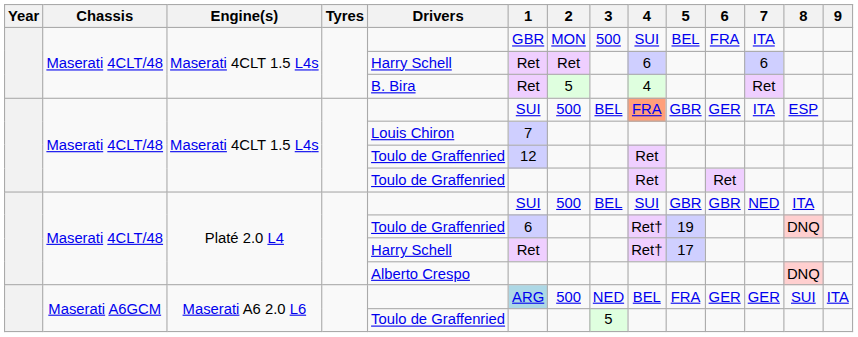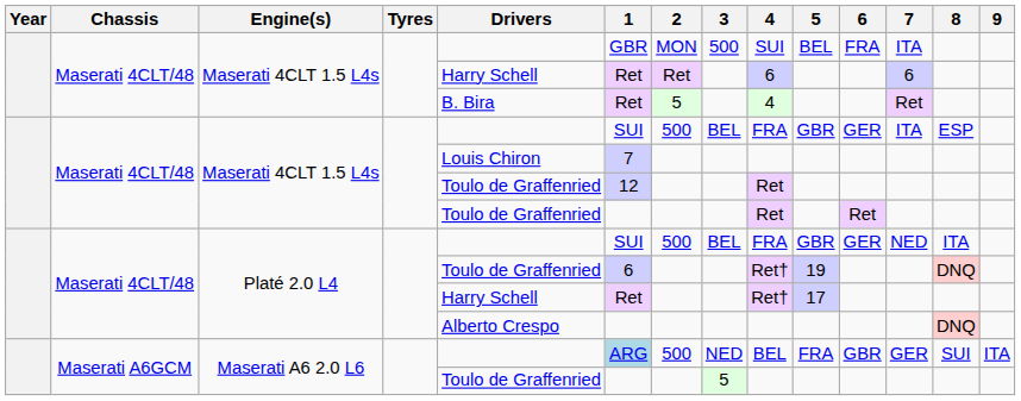 <table class="wikitable" style="text-align:center; font-size:85%">
 <tr>
 <th>Year</th>
 <th>Chassis</th>
 <th>Engine(s)</th>
 <th>Tyres</th>
 <th>Drivers</th>
 <th>1</th>
 <th>2</th>
 <th>3</th>
 <th>4</th>
 <th>5</th>
 <th>6</th>
 <th>7</th>
 <th>8</th>
 <th>9</th>
 </tr>
 <tr>
 <th rowspan="3"></th>
 <td rowspan="3"><a href='#'>Maserati</a> <a href='#'>4CLT/48</a></td>
 <td rowspan="3"><a href='#'>Maserati</a> 4CLT 1.5 <a href='#'>L4</a><a href='#'>s</a></td>
 <td rowspan="3"></td>
 <td></td>
 <td><a href='#'>GBR</a></td>
 <td><a href='#'>MON</a></td>
 <td><a href='#'>500</a></td>
 <td><a href='#'>SUI</a></td>
 <td><a href='#'>BEL</a></td>
 <td><a href='#'>FRA</a></td>
 <td><a href='#'>ITA</a></td>
 <td></td>
 <td></td>
 </tr>
 <tr>
 <td align="left"> <a href='#'>Harry Schell</a></td>
 <td style="background:#EFCFFF;">Ret</td>
 <td style="background:#EFCFFF;">Ret</td>
 <td></td>
 <td style="background:#CFCFFF;">6</td>
 <td></td>
 <td></td>
 <td style="background:#CFCFFF;">6</td>
 <td></td>
 <td></td>
 </tr>
 <tr>
 <td align="left"> <a href='#'>B. Bira</a></td>
 <td style="background:#EFCFFF;">Ret</td>
 <td style="background:#DFFFDF;">5</td>
 <td></td>
 <td style="background:#DFFFDF;">4</td>
 <td></td>
 <td></td>
 <td style="background:#EFCFFF;">Ret</td>
 <td></td>
 <td></td>
 </tr>
 <tr>
 <th rowspan="4"></th>
 <td rowspan="4"><a href='#'>Maserati</a> <a href='#'>4CLT/48</a></td>
 <td rowspan="4"><a href='#'>Maserati</a> 4CLT 1.5 <a href='#'>L4</a><a href='#'>s</a></td>
 <td rowspan="4"></td>
 <td></td>
 <td><a href='#'>SUI</a></td>
 <td><a href='#'>500</a></td>
 <td><a href='#'>BEL</a></td>
-<td style="background: lightsalmon;"><a href='#'>FRA</a></td>
+<td><a href='#'>FRA</a></td>
 <td><a href='#'>GBR</a></td>
 <td><a href='#'>GER</a></td>
 <td><a href='#'>ITA</a></td>
 <td><a href='#'>ESP</a></td>
 <td></td>
 </tr>
 <tr>
 <td align="left"> <a href='#'>Louis Chiron</a></td>
 <td style="background:#CFCFFF;">7</td>
 <td></td>
 <td></td>
 <td></td>
 <td></td>
 <td></td>
 <td></td>
 <td></td>
 <td></td>
 </tr>
 <tr>
 <td align="left"> <a href='#'>Toulo de Graffenried</a></td>
 <td style="background:#CFCFFF;">12</td>
 <td></td>
 <td></td>
 <td style="background:#EFCFFF;">Ret</td>
 <td></td>
 <td></td>
 <td></td>
 <td></td>
 <td></td>
 </tr>
 <tr>
 <td align="left"> <a href='#'>Toulo de Graffenried</a></td>
 <td></td>
 <td></td>
 <td></td>
 <td style="background:#EFCFFF;">Ret</td>
 <td></td>
 <td style="background:#EFCFFF;">Ret</td>
 <td></td>
 <td></td>
 <td></td>
 </tr>
 <tr>
 <th rowspan="4"></th>
 <td rowspan="4"><a href='#'>Maserati</a> <a href='#'>4CLT/48</a></td>
 <td rowspan="4">Platé 2.0 <a href='#'>L4</a></td>
 <td rowspan="4"></td>
 <td></td>
 <td><a href='#'>SUI</a></td>
 <td><a href='#'>500</a></td>
 <td><a href='#'>BEL</a></td>
-<td><a href='#'>SUI</a></td>
+<td><a href='#'>FRA</a></td>
 <td><a href='#'>GBR</a></td>
-<td><a href='#'>GBR</a></td>
+<td><a href='#'>GER</a></td>
 <td><a href='#'>NED</a></td>
 <td><a href='#'>ITA</a></td>
 <td></td>
 </tr>
 <tr>
 <td align="left"> <a href='#'>Toulo de Graffenried</a></td>
 <td style="background:#CFCFFF;">6</td>
 <td></td>
 <td></td>
 <td style="background:#EFCFFF;">Ret†</td>
 <td style="background:#CFCFFF;">19</td>
 <td></td>
 <td></td>
 <td style="background:#ffcfcf;">DNQ</td>
 <td></td>
 </tr>
 <tr>
 <td align="left"> <a href='#'>Harry Schell</a></td>
 <td style="background:#EFCFFF;">Ret</td>
 <td></td>
 <td></td>
 <td style="background:#EFCFFF;">Ret†</td>
 <td style="background:#CFCFFF;">17</td>
 <td></td>
 <td></td>
 <td></td>
 <td></td>
 </tr>
 <tr>
 <td align="left"> <a href='#'>Alberto Crespo</a></td>
 <td></td>
 <td></td>
 <td></td>
 <td></td>
 <td></td>
 <td></td>
 <td></td>
 <td style="background:#ffcfcf;">DNQ</td>
 <td></td>
 </tr>
 <tr>
 <th rowspan="2"></th>
 <td rowspan="2"><a href='#'>Maserati</a> <a href='#'>A6GCM</a></td>
 <td rowspan="2"><a href='#'>Maserati</a> A6 2.0 <a href='#'>L6</a></td>
 <td rowspan="2"></td>
 <td></td>
 <td style="background: lightblue;"><a href='#'>ARG</a></td>
 <td><a href='#'>500</a></td>
 <td><a href='#'>NED</a></td>
 <td><a href='#'>BEL</a></td>
 <td><a href='#'>FRA</a></td>
-<td><a href='#'>GER</a></td>
+<td><a href='#'>GBR</a></td>
 <td><a href='#'>GER</a></td>
 <td><a href='#'>SUI</a></td>
 <td><a href='#'>ITA</a></td>
 </tr>
 <tr>
 <td align="left"> <a href='#'>Toulo de Graffenried</a></td>
 <td></td>
 <td></td>
 <td style="background:#DFFFDF;">5</td>
 <td></td>
 <td></td>
 <td></td>
 <td></td>
 <td></td>
 <td></td>
 </tr>
 </table>
